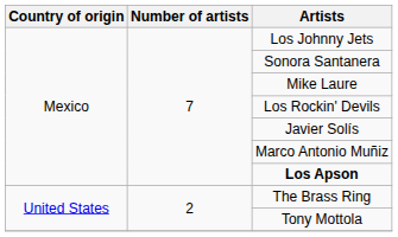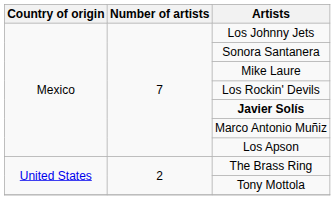 <table class="wikitable">
 <tr>
 <th>Country of origin</th>
 <th>Number of artists</th>
 <th>Artists</th>
 </tr>
 <tr>
 <td align="center" rowspan="7">Mexico</td>
 <td align="center" rowspan="7">7</td>
 <td align="center">Los Johnny Jets</td>
 </tr>
 <tr>
 <td align="center">Sonora Santanera</td>
 </tr>
 <tr>
 <td align="center">Mike Laure</td>
 </tr>
 <tr>
 <td align="center">Los Rockin' Devils</td>
 </tr>
 <tr>
-<td align="center">Javier Solís</td>
+<td align="center"><strong>Javier Solís</strong></td>
 </tr>
 <tr>
 <td align="center">Marco Antonio Muñiz</td>
 </tr>
 <tr>
-<td align="center"><strong>Los Apson</strong></td>
+<td align="center">Los Apson</td>
 </tr>
 <tr>
 <td align="center" rowspan="2"><a href='#'>United States</a></td>
 <td align="center" rowspan="2">2</td>
 <td align="center">The Brass Ring</td>
 </tr>
 <tr>
 <td align="center">Tony Mottola</td>
 </tr>
 <tr>
 </tr>
 </table>
